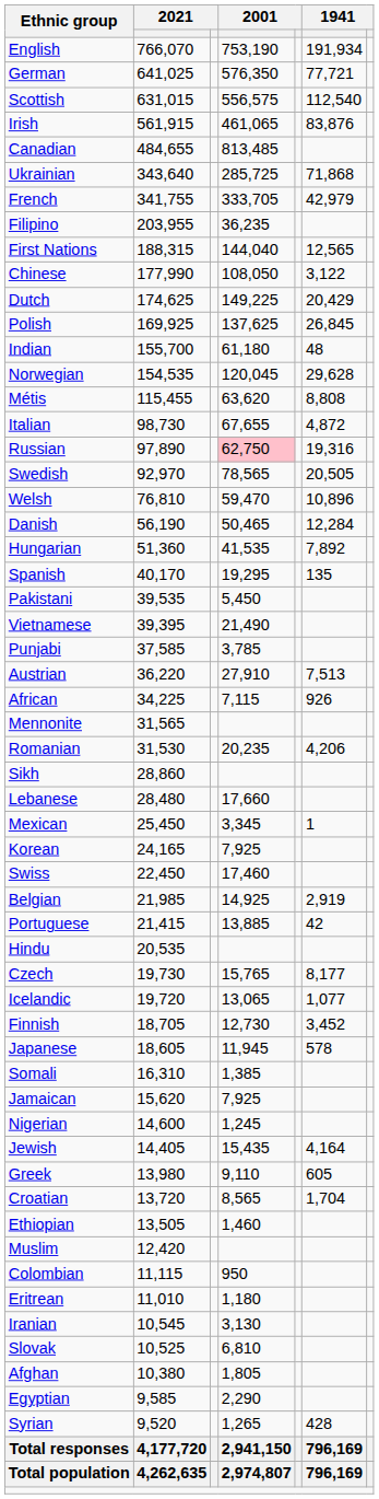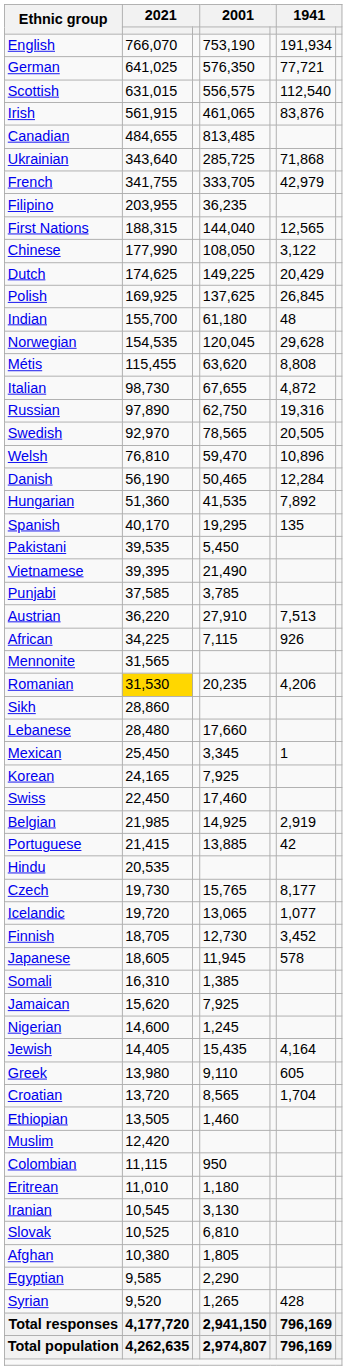 <table class="wikitable sortable">
 <tr>
 <th rowspan="2">Ethnic group</th>
 <th colspan="2">2021</th>
 <th colspan="2">2001</th>
 <th colspan="2">1941</th>
 </tr>
 <tr>
 <th><a href='#'></a></th>
 <th></th>
 <th></th>
 <th></th>
 <th></th>
 <th></th>
 </tr>
 <tr>
 <td><a href='#'>English</a></td>
 <td>766,070</td>
 <td></td>
 <td>753,190</td>
 <td></td>
 <td>191,934</td>
 <td></td>
 </tr>
 <tr>
 <td><a href='#'>German</a></td>
 <td>641,025</td>
 <td></td>
 <td>576,350</td>
 <td></td>
 <td>77,721</td>
 <td></td>
 </tr>
 <tr>
 <td><a href='#'>Scottish</a></td>
 <td>631,015</td>
 <td></td>
 <td>556,575</td>
 <td></td>
 <td>112,540</td>
 <td></td>
 </tr>
 <tr>
 <td><a href='#'>Irish</a></td>
 <td>561,915</td>
 <td></td>
 <td>461,065</td>
 <td></td>
 <td>83,876</td>
 <td></td>
 </tr>
 <tr>
 <td><a href='#'>Canadian</a></td>
 <td>484,655</td>
 <td></td>
 <td>813,485</td>
 <td></td>
 <td></td>
 <td></td>
 </tr>
 <tr>
 <td><a href='#'>Ukrainian</a></td>
 <td>343,640</td>
 <td></td>
 <td>285,725</td>
 <td></td>
 <td>71,868</td>
 <td></td>
 </tr>
 <tr>
 <td><a href='#'>French</a></td>
 <td>341,755</td>
 <td></td>
 <td>333,705</td>
 <td></td>
 <td>42,979</td>
 <td></td>
 </tr>
 <tr>
 <td><a href='#'>Filipino</a></td>
 <td>203,955</td>
 <td></td>
 <td>36,235</td>
 <td></td>
 <td></td>
 <td></td>
 </tr>
 <tr>
 <td><a href='#'>First Nations</a></td>
 <td>188,315</td>
 <td></td>
 <td>144,040</td>
 <td></td>
 <td>12,565</td>
 <td></td>
 </tr>
 <tr>
 <td><a href='#'>Chinese</a></td>
 <td>177,990</td>
 <td></td>
 <td>108,050</td>
 <td></td>
 <td>3,122</td>
 <td></td>
 </tr>
 <tr>
 <td><a href='#'>Dutch</a></td>
 <td>174,625</td>
 <td></td>
 <td>149,225</td>
 <td></td>
 <td>20,429</td>
 <td></td>
 </tr>
 <tr>
 <td><a href='#'>Polish</a></td>
 <td>169,925</td>
 <td></td>
 <td>137,625</td>
 <td></td>
 <td>26,845</td>
 <td></td>
 </tr>
 <tr>
 <td><a href='#'>Indian</a></td>
 <td>155,700</td>
 <td></td>
 <td>61,180</td>
 <td></td>
 <td>48</td>
 <td></td>
 </tr>
 <tr>
 <td><a href='#'>Norwegian</a></td>
 <td>154,535</td>
 <td></td>
 <td>120,045</td>
 <td></td>
 <td>29,628</td>
 <td></td>
 </tr>
 <tr>
 <td><a href='#'>Métis</a></td>
 <td>115,455</td>
 <td></td>
 <td>63,620</td>
 <td></td>
 <td>8,808</td>
 <td></td>
 </tr>
 <tr>
 <td><a href='#'>Italian</a></td>
 <td>98,730</td>
 <td></td>
 <td>67,655</td>
 <td></td>
 <td>4,872</td>
 <td></td>
 </tr>
 <tr>
 <td><a href='#'>Russian</a></td>
 <td>97,890</td>
 <td></td>
-<td style="background: pink;">62,750</td>
+<td>62,750</td>
 <td></td>
 <td>19,316</td>
 <td></td>
 </tr>
 <tr>
 <td><a href='#'>Swedish</a></td>
 <td>92,970</td>
 <td></td>
 <td>78,565</td>
 <td></td>
 <td>20,505</td>
 <td></td>
 </tr>
 <tr>
 <td><a href='#'>Welsh</a></td>
 <td>76,810</td>
 <td></td>
 <td>59,470</td>
 <td></td>
 <td>10,896</td>
 <td></td>
 </tr>
 <tr>
 <td><a href='#'>Danish</a></td>
 <td>56,190</td>
 <td></td>
 <td>50,465</td>
 <td></td>
 <td>12,284</td>
 <td></td>
 </tr>
 <tr>
 <td><a href='#'>Hungarian</a></td>
 <td>51,360</td>
 <td></td>
 <td>41,535</td>
 <td></td>
 <td>7,892</td>
 <td></td>
 </tr>
 <tr>
 <td><a href='#'>Spanish</a></td>
 <td>40,170</td>
 <td></td>
 <td>19,295</td>
 <td></td>
 <td>135</td>
 <td></td>
 </tr>
 <tr>
 <td><a href='#'>Pakistani</a></td>
 <td>39,535</td>
 <td></td>
 <td>5,450</td>
 <td></td>
 <td></td>
 <td></td>
 </tr>
 <tr>
 <td><a href='#'>Vietnamese</a></td>
 <td>39,395</td>
 <td></td>
 <td>21,490</td>
 <td></td>
 <td></td>
 <td></td>
 </tr>
 <tr>
 <td><a href='#'>Punjabi</a></td>
 <td>37,585</td>
 <td></td>
 <td>3,785</td>
 <td></td>
 <td></td>
 <td></td>
 </tr>
 <tr>
 <td><a href='#'>Austrian</a></td>
 <td>36,220</td>
 <td></td>
 <td>27,910</td>
 <td></td>
 <td>7,513</td>
 <td></td>
 </tr>
 <tr>
 <td><a href='#'>African</a></td>
 <td>34,225</td>
 <td></td>
 <td>7,115</td>
 <td></td>
 <td>926</td>
 <td></td>
 </tr>
 <tr>
 <td><a href='#'>Mennonite</a></td>
 <td>31,565</td>
 <td></td>
 <td></td>
 <td></td>
 <td></td>
 <td></td>
 </tr>
 <tr>
 <td><a href='#'>Romanian</a></td>
-<td>31,530</td>
+<td style="background: gold;">31,530</td>
 <td></td>
 <td>20,235</td>
 <td></td>
 <td>4,206</td>
 <td></td>
 </tr>
 <tr>
 <td><a href='#'>Sikh</a></td>
 <td>28,860</td>
 <td></td>
 <td></td>
 <td></td>
 <td></td>
 <td></td>
 </tr>
 <tr>
 <td><a href='#'>Lebanese</a></td>
 <td>28,480</td>
 <td></td>
 <td>17,660</td>
 <td></td>
 <td></td>
 <td></td>
 </tr>
 <tr>
 <td><a href='#'>Mexican</a></td>
 <td>25,450</td>
 <td></td>
 <td>3,345</td>
 <td></td>
 <td>1</td>
 <td></td>
 </tr>
 <tr>
 <td><a href='#'>Korean</a></td>
 <td>24,165</td>
 <td></td>
 <td>7,925</td>
 <td></td>
 <td></td>
 <td></td>
 </tr>
 <tr>
 <td><a href='#'>Swiss</a></td>
 <td>22,450</td>
 <td></td>
 <td>17,460</td>
 <td></td>
 <td></td>
 <td></td>
 </tr>
 <tr>
 <td><a href='#'>Belgian</a></td>
 <td>21,985</td>
 <td></td>
 <td>14,925</td>
 <td></td>
 <td>2,919</td>
 <td></td>
 </tr>
 <tr>
 <td><a href='#'>Portuguese</a></td>
 <td>21,415</td>
 <td></td>
 <td>13,885</td>
 <td></td>
 <td>42</td>
 <td></td>
 </tr>
 <tr>
 <td><a href='#'>Hindu</a></td>
 <td>20,535</td>
 <td></td>
 <td></td>
 <td></td>
 <td></td>
 <td></td>
 </tr>
 <tr>
 <td><a href='#'>Czech</a></td>
 <td>19,730</td>
 <td></td>
 <td>15,765</td>
 <td></td>
 <td>8,177</td>
 <td></td>
 </tr>
 <tr>
 <td><a href='#'>Icelandic</a></td>
 <td>19,720</td>
 <td></td>
 <td>13,065</td>
 <td></td>
 <td>1,077</td>
 <td></td>
 </tr>
 <tr>
 <td><a href='#'>Finnish</a></td>
 <td>18,705</td>
 <td></td>
 <td>12,730</td>
 <td></td>
 <td>3,452</td>
 <td></td>
 </tr>
 <tr>
 <td><a href='#'>Japanese</a></td>
 <td>18,605</td>
 <td></td>
 <td>11,945</td>
 <td></td>
 <td>578</td>
 <td></td>
 </tr>
 <tr>
 <td><a href='#'>Somali</a></td>
 <td>16,310</td>
 <td></td>
 <td>1,385</td>
 <td></td>
 <td></td>
 <td></td>
 </tr>
 <tr>
 <td><a href='#'>Jamaican</a></td>
 <td>15,620</td>
 <td></td>
 <td>7,925</td>
 <td></td>
 <td></td>
 <td></td>
 </tr>
 <tr>
 <td><a href='#'>Nigerian</a></td>
 <td>14,600</td>
 <td></td>
 <td>1,245</td>
 <td></td>
 <td></td>
 <td></td>
 </tr>
 <tr>
 <td><a href='#'>Jewish</a></td>
 <td>14,405</td>
 <td></td>
 <td>15,435</td>
 <td></td>
 <td>4,164</td>
 <td></td>
 </tr>
 <tr>
 <td><a href='#'>Greek</a></td>
 <td>13,980</td>
 <td></td>
 <td>9,110</td>
 <td></td>
 <td>605</td>
 <td></td>
 </tr>
 <tr>
 <td><a href='#'>Croatian</a></td>
 <td>13,720</td>
 <td></td>
 <td>8,565</td>
 <td></td>
 <td>1,704</td>
 <td></td>
 </tr>
 <tr>
 <td><a href='#'>Ethiopian</a></td>
 <td>13,505</td>
 <td></td>
 <td>1,460</td>
 <td></td>
 <td></td>
 <td></td>
 </tr>
 <tr>
 <td><a href='#'>Muslim</a></td>
 <td>12,420</td>
 <td></td>
 <td></td>
 <td></td>
 <td></td>
 <td></td>
 </tr>
 <tr>
 <td><a href='#'>Colombian</a></td>
 <td>11,115</td>
 <td></td>
 <td>950</td>
 <td></td>
 <td></td>
 <td></td>
 </tr>
 <tr>
 <td><a href='#'>Eritrean</a></td>
 <td>11,010</td>
 <td></td>
 <td>1,180</td>
 <td></td>
 <td></td>
 <td></td>
 </tr>
 <tr>
 <td><a href='#'>Iranian</a></td>
 <td>10,545</td>
 <td></td>
 <td>3,130</td>
 <td></td>
 <td></td>
 <td></td>
 </tr>
 <tr>
 <td><a href='#'>Slovak</a></td>
 <td>10,525</td>
 <td></td>
 <td>6,810</td>
 <td></td>
 <td></td>
 <td></td>
 </tr>
 <tr>
 <td><a href='#'>Afghan</a></td>
 <td>10,380</td>
 <td></td>
 <td>1,805</td>
 <td></td>
 <td></td>
 <td></td>
 </tr>
 <tr>
 <td><a href='#'>Egyptian</a></td>
 <td>9,585</td>
 <td></td>
 <td>2,290</td>
 <td></td>
 <td></td>
 <td></td>
 </tr>
 <tr>
 <td><a href='#'>Syrian</a></td>
 <td>9,520</td>
 <td></td>
 <td>1,265</td>
 <td></td>
 <td>428</td>
 <td></td>
 </tr>
 <tr>
 <th>Total responses</th>
 <th>4,177,720</th>
 <th></th>
 <th>2,941,150</th>
 <th></th>
 <th>796,169</th>
 <th></th>
 </tr>
 <tr class="sortbottom">
 <th>Total population</th>
 <th>4,262,635</th>
 <th></th>
 <th>2,974,807</th>
 <th></th>
 <th>796,169</th>
 <th></th>
 </tr>
 <tr class="sortbottom ">
 <td colspan="7"></td>
 </tr>
 </table>
